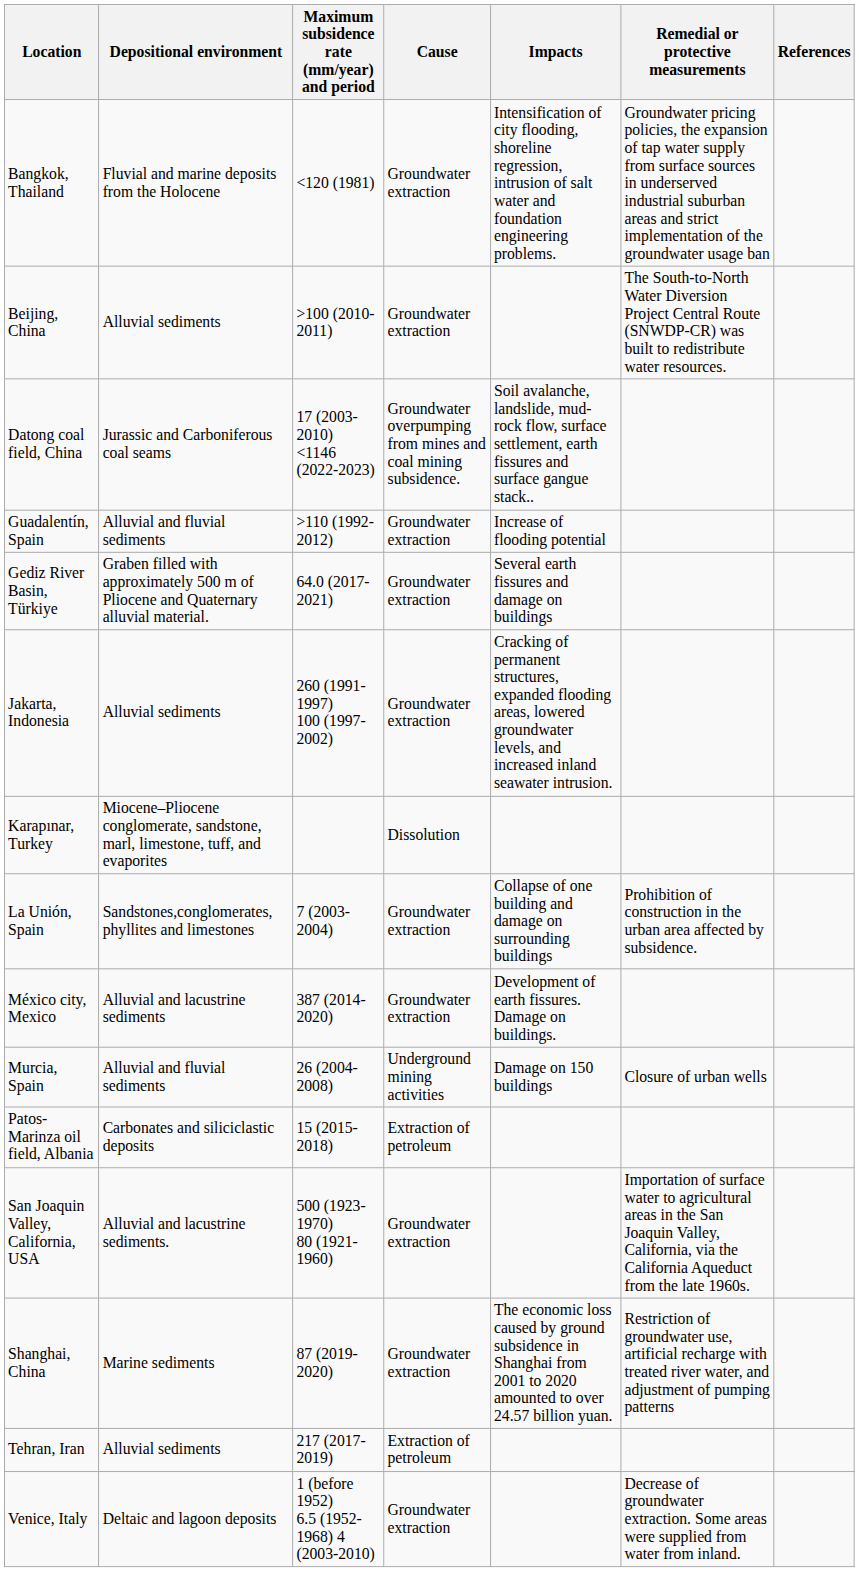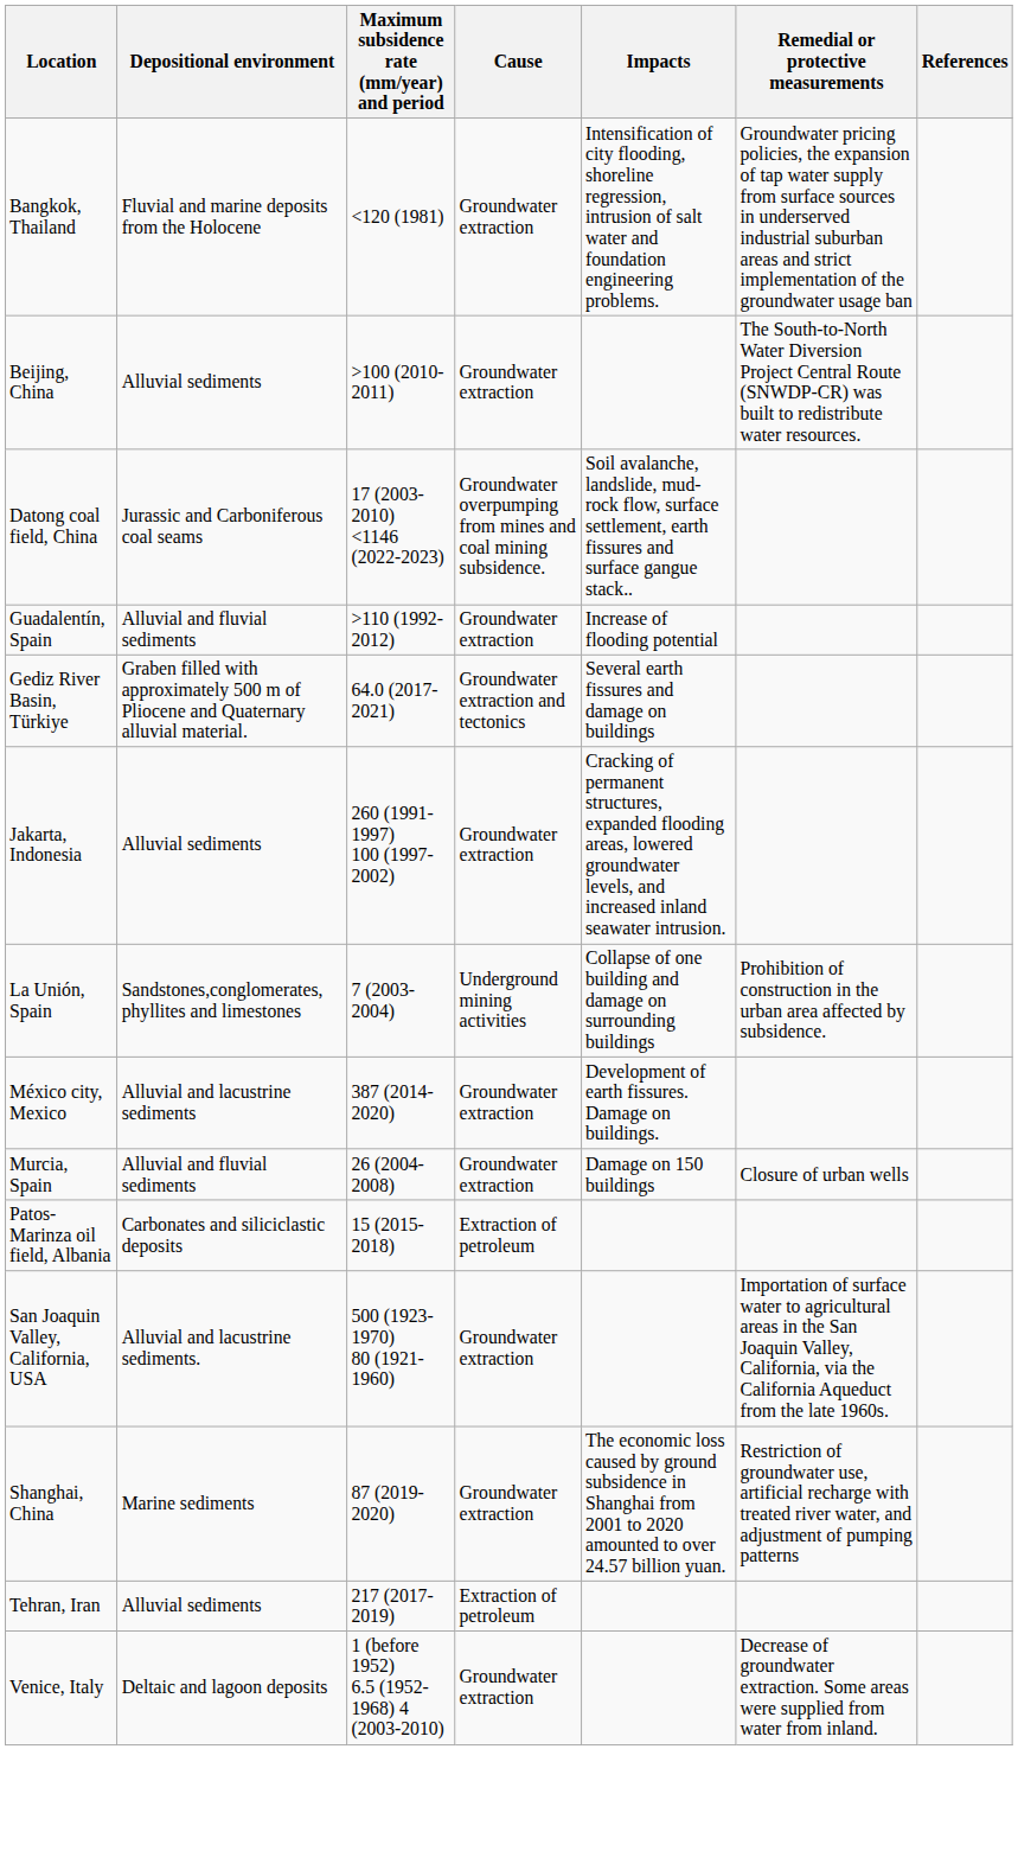 <table class="wikitable">
 <tr>
 <th>Location</th>
 <th>Depositional environment</th>
 <th>Maximum subsidence rate (mm/year) and period</th>
 <th>Cause</th>
 <th>Impacts</th>
 <th>Remedial or protective measurements</th>
 <th>References</th>
 </tr>
 <tr>
 <td>Bangkok, Thailand</td>
 <td>Fluvial and marine deposits from the Holocene</td>
 <td><120 (1981)</td>
 <td>Groundwater extraction</td>
 <td>Intensification of city flooding, shoreline regression, intrusion of salt water and foundation engineering problems.</td>
 <td>Groundwater pricing policies, the expansion of tap water supply from surface sources in underserved industrial suburban areas and strict implementation of the groundwater usage ban</td>
 <td></td>
 </tr>
 <tr>
 <td>Beijing, China</td>
 <td>Alluvial sediments</td>
 <td>>100 (2010-2011)</td>
 <td>Groundwater extraction</td>
 <td></td>
 <td>The South-to-North Water Diversion Project Central Route (SNWDP-CR) was built to redistribute water resources.</td>
 <td></td>
 </tr>
 <tr>
 <td>Datong coal field, China</td>
 <td>Jurassic and Carboniferous coal seams</td>
 <td>17 (2003-2010)<br><1146 (2022-2023)</td>
 <td>Groundwater overpumping from mines and coal mining subsidence.</td>
 <td>Soil avalanche, landslide, mud-rock flow, surface settlement, earth fissures and surface gangue stack..</td>
 <td></td>
 <td></td>
 </tr>
 <tr>
 <td>Guadalentín, Spain</td>
 <td>Alluvial and fluvial sediments</td>
 <td>>110 (1992-2012)</td>
 <td>Groundwater extraction</td>
 <td>Increase of flooding potential</td>
 <td></td>
 <td></td>
 </tr>
 <tr>
 <td>Gediz River Basin, Türkiye</td>
 <td>Graben filled with approximately 500 m of Pliocene and Quaternary alluvial material.</td>
 <td>64.0 (2017-2021)</td>
-<td>Groundwater extraction</td>
+<td>Groundwater extraction and tectonics</td>
 <td>Several earth fissures and damage on buildings</td>
 <td></td>
 <td></td>
 </tr>
 <tr>
 <td>Jakarta, Indonesia</td>
 <td>Alluvial sediments</td>
 <td>260 (1991-1997)<br>100 (1997-2002)</td>
 <td>Groundwater extraction</td>
 <td>Cracking of permanent structures, expanded flooding areas, lowered groundwater levels, and increased inland seawater intrusion.</td>
 <td></td>
 <td></td>
 </tr>
 <tr>
-<td>Karapınar, Turkey</td>
-<td>Miocene–Pliocene conglomerate, sandstone, marl, limestone, tuff, and evaporites</td>
-<td></td>
-<td>Dissolution</td>
-<td></td>
-<td></td>
-<td></td>
-</tr>
-<tr>
 <td>La Unión, Spain</td>
 <td>Sandstones,conglomerates, phyllites and limestones</td>
 <td>7 (2003-2004)</td>
-<td>Groundwater extraction</td>
+<td>Underground mining activities</td>
 <td>Collapse of one building and damage on surrounding buildings</td>
 <td>Prohibition of construction in the urban area affected by subsidence.</td>
 <td></td>
 </tr>
 <tr>
 <td>México city, Mexico</td>
 <td>Alluvial and lacustrine sediments</td>
 <td>387 (2014-2020)</td>
 <td>Groundwater extraction</td>
 <td>Development of earth fissures. Damage on buildings.</td>
 <td></td>
 <td></td>
 </tr>
 <tr>
 <td>Murcia, Spain</td>
 <td>Alluvial and fluvial sediments</td>
 <td>26 (2004-2008)</td>
-<td>Underground mining activities</td>
+<td>Groundwater extraction</td>
 <td>Damage on 150 buildings</td>
 <td>Closure of urban wells</td>
 <td></td>
 </tr>
 <tr>
 <td>Patos-Marinza oil field, Albania</td>
 <td>Carbonates and siliciclastic deposits</td>
 <td>15 (2015-2018)</td>
 <td>Extraction of petroleum</td>
 <td></td>
 <td></td>
 <td></td>
 </tr>
 <tr>
 <td>San Joaquin Valley, California, USA</td>
 <td>Alluvial and lacustrine sediments.</td>
 <td>500 (1923-1970)<br>80 (1921-1960)</td>
 <td>Groundwater extraction</td>
 <td></td>
 <td>Importation of surface water to agricultural areas in the San Joaquin Valley, California, via the California Aqueduct from the late 1960s.</td>
 <td></td>
 </tr>
 <tr>
 <td>Shanghai, China</td>
 <td>Marine sediments</td>
 <td>87 (2019-2020)</td>
 <td>Groundwater extraction</td>
 <td>The economic loss caused by ground subsidence in Shanghai from 2001 to 2020 amounted to over 24.57 billion yuan.</td>
 <td>Restriction of groundwater use, artificial recharge with treated river water, and adjustment of pumping patterns</td>
 <td></td>
 </tr>
 <tr>
 <td>Tehran, Iran</td>
 <td>Alluvial sediments</td>
 <td>217 (2017-2019)</td>
 <td>Extraction of petroleum</td>
 <td></td>
 <td></td>
 <td></td>
 </tr>
 <tr>
 <td>Venice, Italy</td>
 <td>Deltaic and lagoon deposits</td>
 <td>1 (before 1952)<br>6.5 (1952-1968) 4 (2003-2010)</td>
 <td>Groundwater extraction</td>
 <td></td>
 <td>Decrease of groundwater extraction. Some areas were supplied from water from inland.</td>
 <td></td>
 </tr>
 </table>
